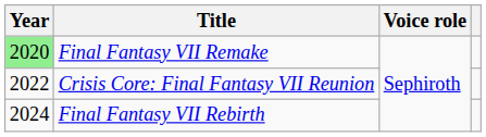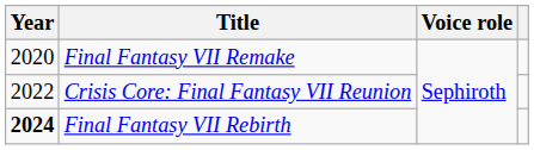 <table class="wikitable sortable">
 <tr>
 <th>Year</th>
 <th>Title</th>
 <th>Voice role</th>
 <th class="unsortable"></th>
 </tr>
 <tr>
-<td style="background: lightgreen;">2020</td>
+<td>2020</td>
 <td><em><a href='#'>Final Fantasy VII Remake</a></em></td>
 <td rowspan="3"><a href='#'>Sephiroth</a></td>
 <td></td>
 </tr>
 <tr>
 <td>2022</td>
 <td><em><a href='#'>Crisis Core: Final Fantasy VII Reunion</a></em></td>
 <td></td>
 </tr>
 <tr>
-<td>2024</td>
+<td><strong>2024</strong></td>
 <td><em><a href='#'>Final Fantasy VII Rebirth</a></em></td>
 <td></td>
 </tr>
 </table>
